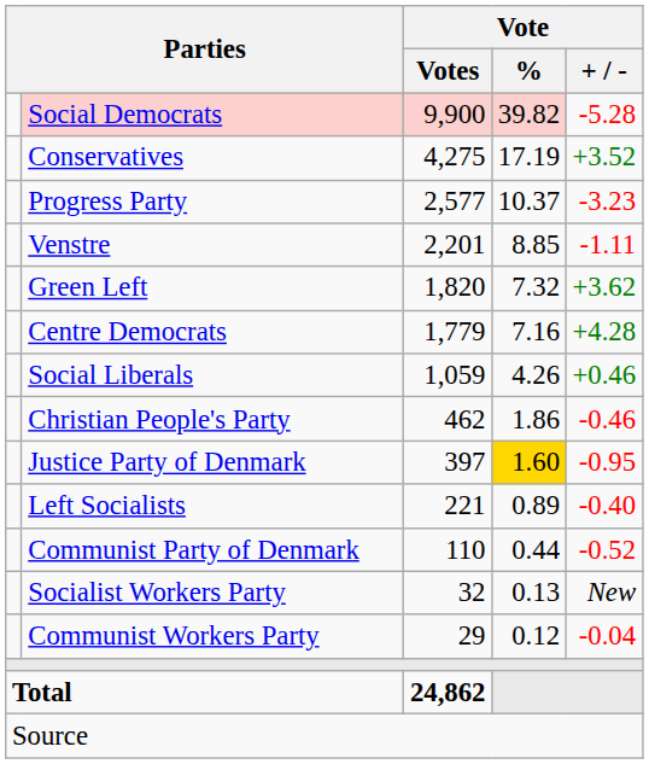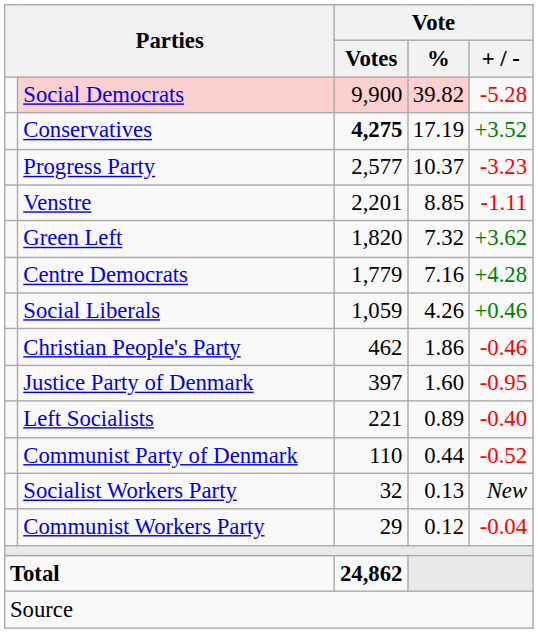 <table class="wikitable" style="text-align:right;">
 <tr>
 <th style="text-align:centre;" rowspan="2" colspan="2" width="225">Parties</th>
 <th colspan="3">Vote</th>
 </tr>
 <tr>
 <th width="15">Votes</th>
 <th width="15">%</th>
 <th width="15">+ / -</th>
 </tr>
 <tr>
 <td width="2" style="color:inherit;background:"></td>
 <td bgcolor=#fbd0ce  align="left"><a href='#'>Social Democrats</a></td>
 <td bgcolor=#fbd0ce>9,900</td>
 <td bgcolor=#fbd0ce>39.82</td>
 <td style=color:red;>-5.28</td>
 </tr>
 <tr>
 <td width="2" style="color:inherit;background:"></td>
 <td align="left"><a href='#'>Conservatives</a></td>
-<td>4,275</td>
+<td><strong>4,275</strong></td>
 <td>17.19</td>
 <td style=color:green;>+3.52</td>
 </tr>
 <tr>
 <td width="2" style="color:inherit;background:"></td>
 <td align="left"><a href='#'>Progress Party</a></td>
 <td>2,577</td>
 <td>10.37</td>
 <td style=color:red;>-3.23</td>
 </tr>
 <tr>
 <td width="2" style="color:inherit;background:"></td>
 <td align="left"><a href='#'>Venstre</a></td>
 <td>2,201</td>
 <td>8.85</td>
 <td style=color:red;>-1.11</td>
 </tr>
 <tr>
 <td width="2" style="color:inherit;background:"></td>
 <td align="left"><a href='#'>Green Left</a></td>
 <td>1,820</td>
 <td>7.32</td>
 <td style=color:green;>+3.62</td>
 </tr>
 <tr>
 <td width="2" style="color:inherit;background:"></td>
 <td align="left"><a href='#'>Centre Democrats</a></td>
 <td>1,779</td>
 <td>7.16</td>
 <td style=color:green;>+4.28</td>
 </tr>
 <tr>
 <td width="2" style="color:inherit;background:"></td>
 <td align="left"><a href='#'>Social Liberals</a></td>
 <td>1,059</td>
 <td>4.26</td>
 <td style=color:green;>+0.46</td>
 </tr>
 <tr>
 <td width="2" style="color:inherit;background:"></td>
 <td align="left"><a href='#'>Christian People's Party</a></td>
 <td>462</td>
 <td>1.86</td>
 <td style=color:red;>-0.46</td>
 </tr>
 <tr>
 <td width="2" style="color:inherit;background:"></td>
 <td align="left"><a href='#'>Justice Party of Denmark</a></td>
 <td>397</td>
-<td style="background: gold;">1.60</td>
+<td>1.60</td>
 <td style=color:red;>-0.95</td>
 </tr>
 <tr>
 <td width="2" style="color:inherit;background:"></td>
 <td align="left"><a href='#'>Left Socialists</a></td>
 <td>221</td>
 <td>0.89</td>
 <td style=color:red;>-0.40</td>
 </tr>
 <tr>
 <td width="2" style="color:inherit;background:"></td>
 <td align="left"><a href='#'>Communist Party of Denmark</a></td>
 <td>110</td>
 <td>0.44</td>
 <td style=color:red;>-0.52</td>
 </tr>
 <tr>
 <td width="2" style="color:inherit;background:"></td>
 <td align="left"><a href='#'>Socialist Workers Party</a></td>
 <td>32</td>
 <td>0.13</td>
 <td><em>New</em></td>
 </tr>
 <tr>
 <td width="2" style="color:inherit;background:"></td>
 <td align="left"><a href='#'>Communist Workers Party</a></td>
 <td>29</td>
 <td>0.12</td>
 <td style=color:red;>-0.04</td>
 </tr>
 <tr>
 <td colspan="7" bgcolor="#E9E9E9"></td>
 </tr>
 <tr>
 <td align="left" colspan="2"><strong>Total</strong></td>
 <td><strong>24,862</strong></td>
 <td bgcolor="#E9E9E9" colspan="2"></td>
 </tr>
 <tr>
 <td align="left" colspan="6">Source</td>
 </tr>
 </table>
